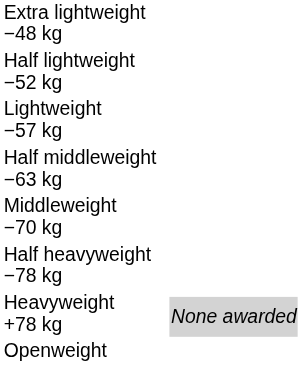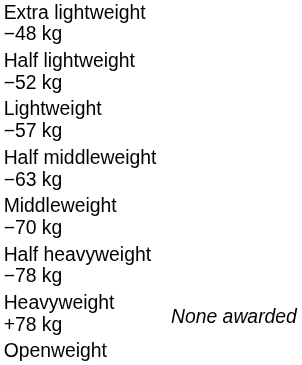 <table>
 <tr>
 <td rowspan=2>Extra lightweight<br>−48 kg</td>
 <td rowspan=2></td>
 <td rowspan=2></td>
 <td></td>
 </tr>
 <tr>
 <td></td>
 </tr>
 <tr>
 <td rowspan=2>Half lightweight<br>−52 kg</td>
 <td rowspan=2></td>
 <td rowspan=2></td>
 <td></td>
 </tr>
 <tr>
 <td></td>
 </tr>
 <tr>
 <td rowspan=2>Lightweight<br>−57 kg</td>
 <td rowspan=2></td>
 <td rowspan=2></td>
 <td></td>
 </tr>
 <tr>
 <td></td>
 </tr>
 <tr>
 <td rowspan=2>Half middleweight<br>−63 kg</td>
 <td rowspan=2></td>
 <td rowspan=2></td>
 <td></td>
 </tr>
 <tr>
 <td></td>
 </tr>
 <tr>
 <td rowspan=2>Middleweight<br>−70 kg</td>
 <td rowspan=2></td>
 <td rowspan=2></td>
 <td></td>
 </tr>
 <tr>
 <td></td>
 </tr>
 <tr>
 <td rowspan=2>Half heavyweight<br>−78 kg</td>
 <td rowspan=2></td>
 <td rowspan=2></td>
 <td></td>
 </tr>
 <tr>
 <td></td>
 </tr>
 <tr>
 <td rowspan=2>Heavyweight<br>+78 kg</td>
 <td rowspan=2></td>
 <td rowspan=2></td>
 <td></td>
 </tr>
 <tr>
-<td style="background: lightgrey;"><em>None awarded</em></td>
+<td><em>None awarded</em></td>
 </tr>
 <tr>
 <td rowspan=2>Openweight</td>
 <td rowspan=2></td>
 <td rowspan=2></td>
 <td></td>
 </tr>
 <tr>
 <td></td>
 </tr>
 </table>
